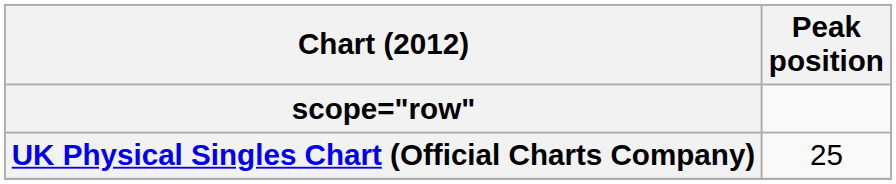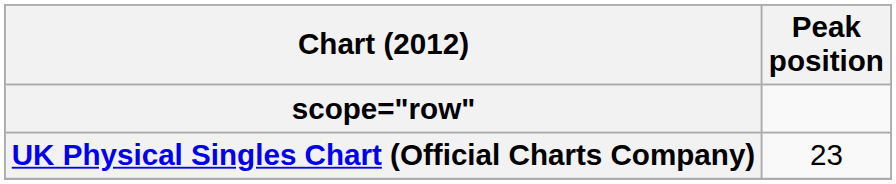 <table class="wikitable sortable plainrowheaders">
 <tr>
 <th scope="col">Chart (2012)</th>
 <th scope="col">Peak<br>position</th>
 </tr>
 <tr>
 <th>scope="row"</th>
 </tr>
 <tr>
 <th scope="row"><a href='#'>UK Physical Singles Chart</a> (Official Charts Company)</th>
-<td align="center">25</td>
+<td align="center">23</td>
 </tr>
 <tr>
 </tr>
 </table>
